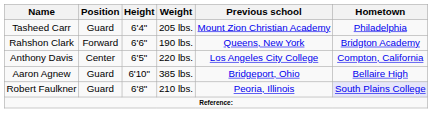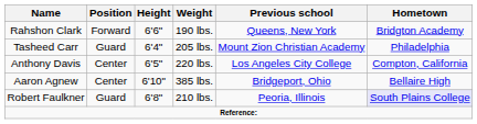 <table class="wikitable" style="text-align: center">
 <tr align=center>
 <th>Name</th>
 <th>Position</th>
 <th>Height</th>
 <th>Weight</th>
 <th>Previous school</th>
 <th>Hometown</th>
 </tr>
 <tr>
+<td>Rahshon Clark</td>
+<td>Forward</td>
+<td>6'6"</td>
+<td>190 lbs.</td>
+<td><a href='#'>Queens, New York</a></td>
+<td><a href='#'>Bridgton Academy</a></td>
+</tr>
+<tr>
 <td>Tasheed Carr</td>
 <td>Guard</td>
 <td>6'4"</td>
 <td>205 lbs.</td>
 <td><a href='#'>Mount Zion Christian Academy</a></td>
 <td><a href='#'>Philadelphia</a></td>
-</tr>
-<tr>
-<td>Rahshon Clark</td>
-<td>Forward</td>
-<td>6'6"</td>
-<td>190 lbs.</td>
-<td><a href='#'>Queens, New York</a></td>
-<td><a href='#'>Bridgton Academy</a></td>
 </tr>
 <tr>
 <td>Anthony Davis</td>
 <td>Center</td>
 <td>6'5"</td>
 <td>220 lbs.</td>
 <td><a href='#'>Los Angeles City College</a></td>
 <td><a href='#'>Compton, California</a></td>
 </tr>
 <tr>
 <td>Aaron Agnew</td>
-<td>Guard</td>
+<td>Center</td>
 <td>6'10"</td>
 <td>385 lbs.</td>
 <td><a href='#'>Bridgeport, Ohio</a></td>
 <td><a href='#'>Bellaire High</a></td>
 </tr>
 <tr>
 <td>Robert Faulkner</td>
 <td>Guard</td>
 <td>6'8"</td>
 <td>210 lbs.</td>
 <td><a href='#'>Peoria, Illinois</a></td>
 <td style="background: lavender;"><a href='#'>South Plains College</a></td>
 </tr>
 <tr>
 <td colspan="6"  style="font-size:8pt; text-align:center;"><strong>Reference:</strong></td>
 </tr>
 </table>
